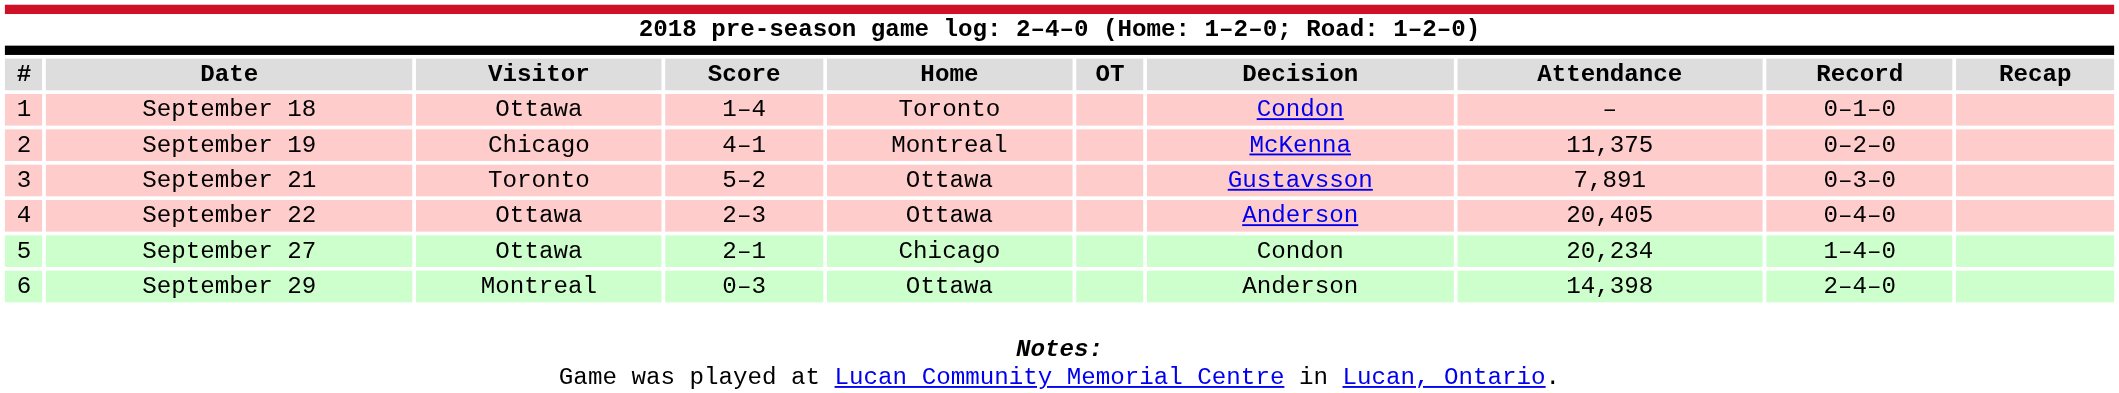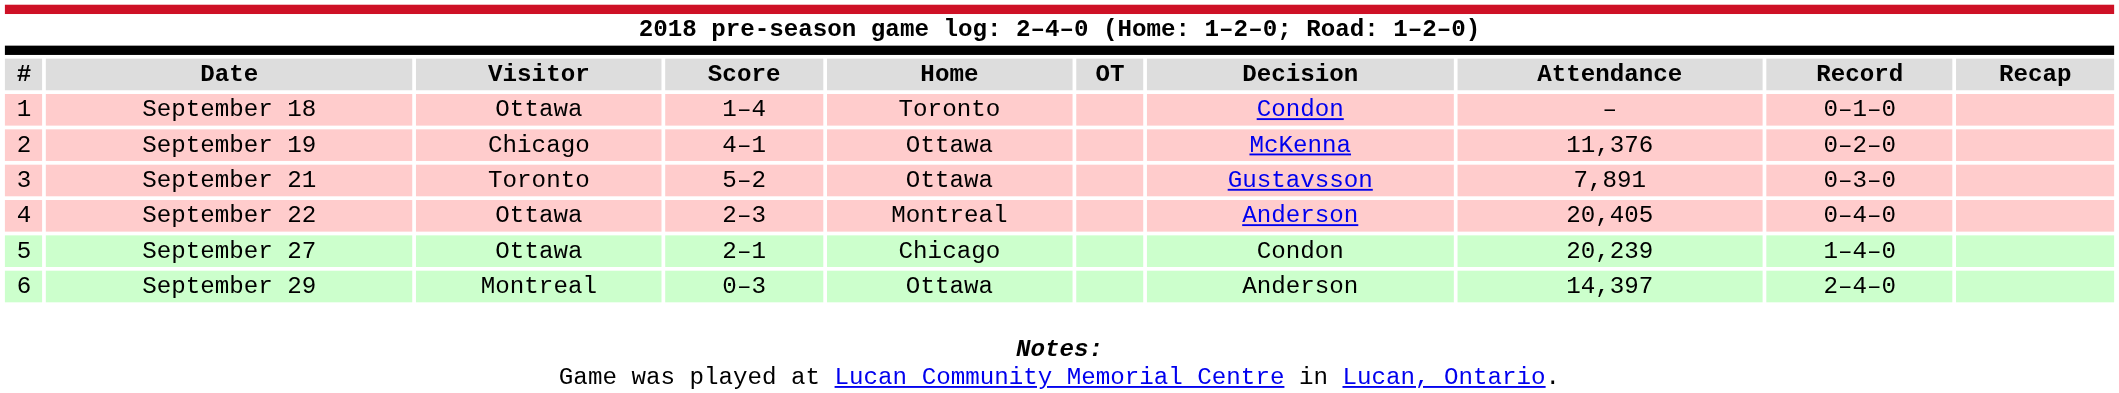 <table class="toccolours collapsible collapsed" style="width:90%; clear:both; margin:1.5em auto; text-align:center;">
 <tr>
 <th colspan="10" style="background:#FFFFFF; border-top:#CE1126 5px solid; border-bottom:#000000 5px solid;">2018 pre-season game log: 2–4–0 (Home: 1–2–0; Road: 1–2–0)</th>
 </tr>
 <tr style="background:#ddd;">
 <th>#</th>
 <th>Date</th>
 <th>Visitor</th>
 <th>Score</th>
 <th>Home</th>
 <th>OT</th>
 <th>Decision</th>
 <th>Attendance</th>
 <th>Record</th>
 <th>Recap</th>
 </tr>
 <tr style="background:#fcc;">
 <td>1</td>
 <td>September 18</td>
 <td>Ottawa</td>
 <td>1–4</td>
 <td>Toronto</td>
 <td></td>
 <td><a href='#'>Condon</a></td>
 <td>–</td>
 <td>0–1–0</td>
 <td></td>
 </tr>
 <tr style="background:#fcc;">
 <td>2</td>
 <td>September 19</td>
 <td>Chicago</td>
 <td>4–1</td>
-<td>Montreal</td>
+<td>Ottawa</td>
 <td></td>
 <td><a href='#'>McKenna</a></td>
-<td>11,375</td>
+<td>11,376</td>
 <td>0–2–0</td>
 <td></td>
 </tr>
 <tr style="background:#fcc;">
 <td>3</td>
 <td>September 21</td>
 <td>Toronto</td>
 <td>5–2</td>
 <td>Ottawa</td>
 <td></td>
 <td><a href='#'>Gustavsson</a></td>
 <td>7,891</td>
 <td>0–3–0</td>
 <td></td>
 </tr>
 <tr style="background:#fcc;">
 <td>4</td>
 <td>September 22</td>
 <td>Ottawa</td>
 <td>2–3</td>
-<td>Ottawa</td>
+<td>Montreal</td>
 <td></td>
 <td><a href='#'>Anderson</a></td>
 <td>20,405</td>
 <td>0–4–0</td>
 <td></td>
 </tr>
 <tr style="background:#cfc;">
 <td>5</td>
 <td>September 27</td>
 <td>Ottawa</td>
 <td>2–1</td>
 <td>Chicago</td>
 <td></td>
 <td>Condon</td>
-<td>20,234</td>
+<td>20,239</td>
 <td>1–4–0</td>
 <td></td>
 </tr>
 <tr style="background:#cfc;">
 <td>6</td>
 <td>September 29</td>
 <td>Montreal</td>
 <td>0–3</td>
 <td>Ottawa</td>
 <td></td>
 <td>Anderson</td>
-<td>14,398</td>
+<td>14,397</td>
 <td>2–4–0</td>
 <td></td>
 </tr>
 <tr>
 <td colspan="10" style="text-align:center;"><br><strong><em>Notes:</em></strong><br>  Game was played at <a href='#'>Lucan Community Memorial Centre</a> in <a href='#'>Lucan, Ontario</a>.</td>
 </tr>
 </table>
